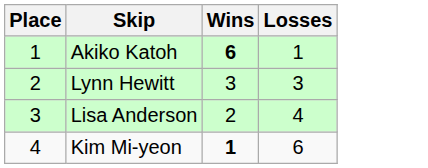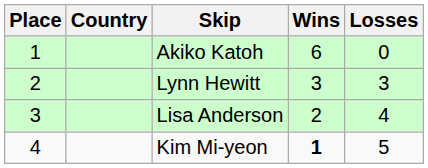 <table class="wikitable" style="text-align:center;">
 <tr>
 <th>Place</th>
+<th>Country</th>
 <th>Skip</th>
 <th>Wins</th>
 <th>Losses</th>
 </tr>
 <tr bgcolor=#ccffcc>
 <td>1</td>
+<td align=left></td>
 <td align=left>Akiko Katoh</td>
-<td><strong>6</strong></td>
-<td>1</td>
+<td>6</td>
+<td>0</td>
 </tr>
 <tr bgcolor=#ccffcc>
 <td>2</td>
+<td align=left></td>
 <td align=left>Lynn Hewitt</td>
 <td>3</td>
 <td>3</td>
 </tr>
 <tr bgcolor=#ccffcc>
 <td>3</td>
+<td align=left></td>
 <td align=left>Lisa Anderson</td>
 <td>2</td>
 <td>4</td>
 </tr>
 <tr>
 <td>4</td>
+<td align=left></td>
 <td align=left>Kim Mi-yeon</td>
 <td><strong>1</strong></td>
-<td>6</td>
+<td>5</td>
 </tr>
 </table>
